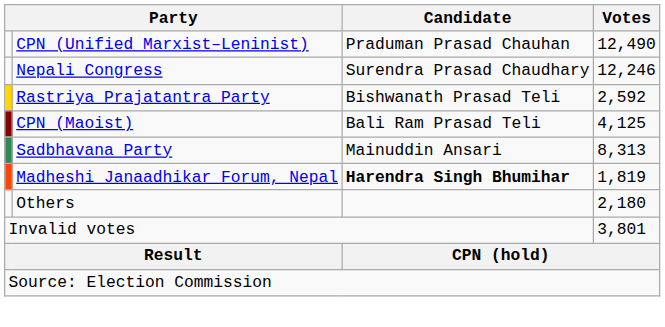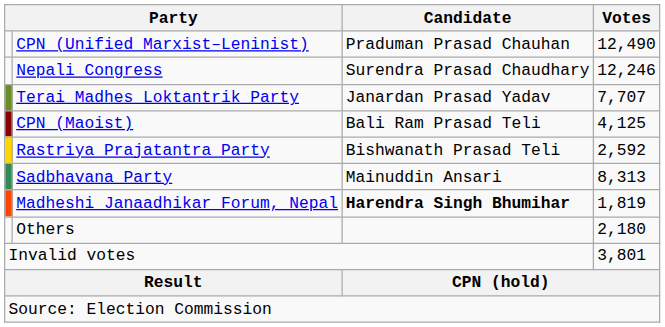 <table class="wikitable">
 <tr>
 <th colspan="2">Party</th>
 <th>Candidate</th>
 <th>Votes</th>
 </tr>
 <tr>
 <td style="background-color:"></td>
 <td><a href='#'>CPN (Unified Marxist–Leninist)</a></td>
 <td>Praduman Prasad Chauhan</td>
 <td>12,490</td>
 </tr>
 <tr>
 <td style="background-color:"></td>
 <td><a href='#'>Nepali Congress</a></td>
 <td>Surendra Prasad Chaudhary</td>
 <td>12,246</td>
 </tr>
 <tr>
-<td style="background-color:gold"></td>
-<td><a href='#'>Rastriya Prajatantra Party</a></td>
-<td>Bishwanath Prasad Teli</td>
-<td>2,592</td>
+<td style="background-color:olivedrab"></td>
+<td><a href='#'>Terai Madhes Loktantrik Party</a></td>
+<td>Janardan Prasad Yadav</td>
+<td>7,707</td>
 </tr>
 <tr>
 <td style="background-color:darkred"></td>
 <td><a href='#'>CPN (Maoist)</a></td>
 <td>Bali Ram Prasad Teli</td>
 <td>4,125</td>
+</tr>
+<tr>
+<td style="background-color:gold"></td>
+<td><a href='#'>Rastriya Prajatantra Party</a></td>
+<td>Bishwanath Prasad Teli</td>
+<td>2,592</td>
 </tr>
 <tr>
 <td style="background-color:seagreen"></td>
 <td><a href='#'>Sadbhavana Party</a></td>
 <td>Mainuddin Ansari</td>
 <td>8,313</td>
 </tr>
 <tr>
 <td style="background-color:orangered"></td>
 <td><a href='#'>Madheshi Janaadhikar Forum, Nepal</a></td>
 <td><strong>Harendra Singh Bhumihar</strong></td>
 <td>1,819</td>
 </tr>
 <tr>
 <td></td>
 <td>Others</td>
 <td></td>
 <td>2,180</td>
 </tr>
 <tr>
 <td colspan="3">Invalid votes</td>
 <td>3,801</td>
 </tr>
 <tr>
 <th colspan="2">Result</th>
 <th colspan="2">CPN (hold)</th>
 </tr>
 <tr>
 <td colspan="4">Source: Election Commission</td>
 </tr>
 </table>
